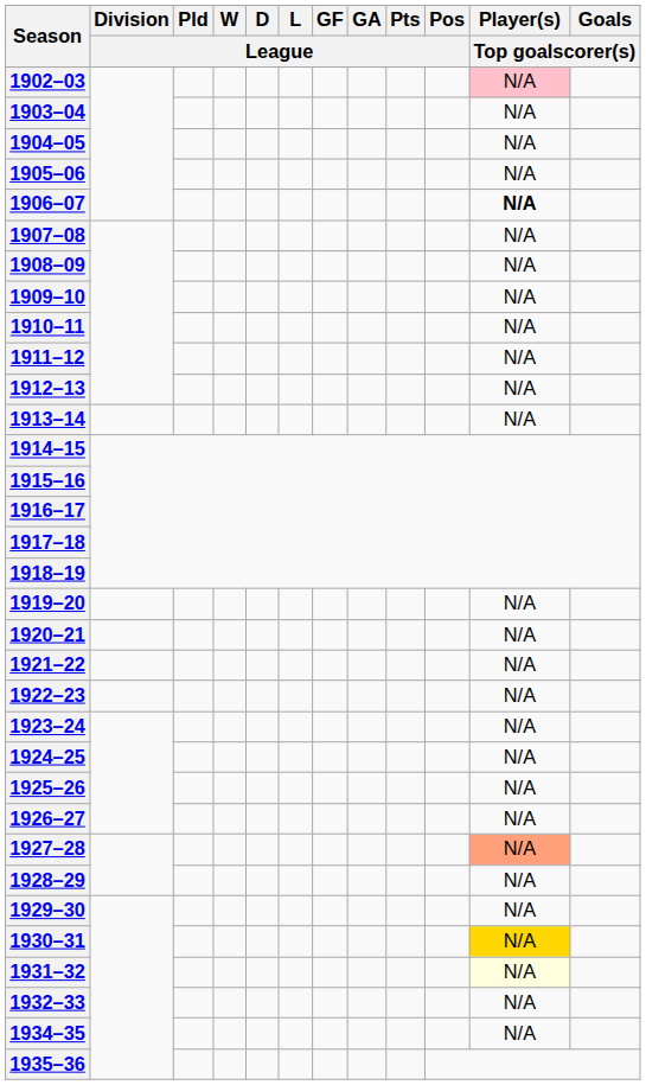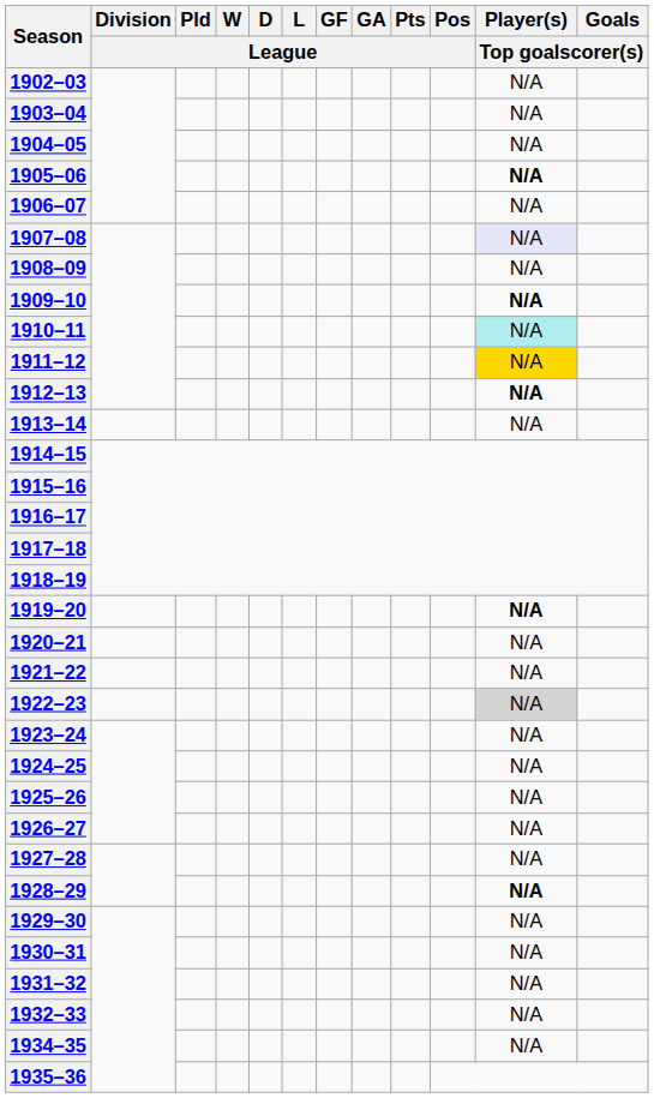 <table class="wikitable sortable" style="text-align: center">
 <tr>
 <th rowspan="2" scope="col">Season</th>
 <th scope="col">Division</th>
 <th style="width:20px;" scope="col">Pld</th>
 <th style="width:20px;" scope="col">W</th>
 <th style="width:20px;" scope="col">D</th>
 <th style="width:20px;" scope="col">L</th>
 <th style="width:20px;" scope="col">GF</th>
 <th style="width:20px;" scope="col">GA</th>
 <th style="width:20px;" scope="col">Pts</th>
 <th style="width:20px;" scope="col">Pos</th>
 <th scope="col">Player(s)</th>
 <th scope="col">Goals</th>
 </tr>
 <tr class="unsortable">
 <th colspan="9" scope="col">League</th>
 <th colspan="2" scope="col">Top goalscorer(s)</th>
 </tr>
 <tr>
 <th scope="row"><a href='#'>1902–03</a></th>
 <td style="text-align:left; " rowspan="5"></td>
 <td></td>
 <td></td>
 <td></td>
 <td></td>
 <td></td>
 <td></td>
 <td></td>
 <td></td>
-<td style="background: pink; text-align:centre">N/A</td>
+<td style="text-align:centre">N/A</td>
 <td></td>
 </tr>
 <tr>
 <th scope="row"><a href='#'>1903–04</a></th>
 <td></td>
 <td></td>
 <td></td>
 <td></td>
 <td></td>
 <td></td>
 <td></td>
 <td></td>
 <td style="text-align:centre">N/A</td>
 <td></td>
 </tr>
 <tr>
 <th scope="row"><a href='#'>1904–05</a></th>
 <td></td>
 <td></td>
 <td></td>
 <td></td>
 <td></td>
 <td></td>
 <td></td>
 <td></td>
 <td style="text-align:centre">N/A</td>
 <td></td>
 </tr>
 <tr>
 <th scope="row"><a href='#'>1905–06</a></th>
 <td></td>
 <td></td>
 <td></td>
 <td></td>
 <td></td>
 <td></td>
 <td></td>
 <td></td>
-<td style="text-align:centre">N/A</td>
+<td style="text-align:centre"><strong>N/A</strong></td>
 <td></td>
 </tr>
 <tr>
 <th scope="row"><a href='#'>1906–07</a></th>
 <td></td>
 <td></td>
 <td></td>
 <td></td>
 <td></td>
 <td></td>
 <td></td>
 <td></td>
-<td style="text-align:centre"><strong>N/A</strong></td>
+<td style="text-align:centre">N/A</td>
 <td></td>
 </tr>
 <tr>
 <th scope="row"><a href='#'>1907–08</a></th>
 <td style="text-align:left; " rowspan="6"></td>
 <td></td>
 <td></td>
 <td></td>
 <td></td>
 <td></td>
 <td></td>
 <td></td>
 <td></td>
-<td style="text-align:centre">N/A</td>
+<td style="background: lavender; text-align:centre">N/A</td>
 <td></td>
 </tr>
 <tr>
 <th scope="row"><a href='#'>1908–09</a></th>
 <td></td>
 <td></td>
 <td></td>
 <td></td>
 <td></td>
 <td></td>
 <td></td>
 <td></td>
 <td style="text-align:centre">N/A</td>
 <td></td>
 </tr>
 <tr>
 <th scope="row"><a href='#'>1909–10</a></th>
 <td></td>
 <td></td>
 <td></td>
 <td></td>
 <td></td>
 <td></td>
 <td></td>
 <td></td>
-<td style="text-align:centre">N/A</td>
+<td style="text-align:centre"><strong>N/A</strong></td>
 <td></td>
 </tr>
 <tr>
 <th scope="row"><a href='#'>1910–11</a></th>
 <td></td>
 <td></td>
 <td></td>
 <td></td>
 <td></td>
 <td></td>
 <td></td>
 <td></td>
-<td style="text-align:centre">N/A</td>
+<td style="background: paleturquoise; text-align:centre">N/A</td>
 <td></td>
 </tr>
 <tr>
 <th scope="row"><a href='#'>1911–12</a></th>
 <td></td>
 <td></td>
 <td></td>
 <td></td>
 <td></td>
 <td></td>
 <td></td>
 <td></td>
-<td style="text-align:centre">N/A</td>
+<td style="background: gold; text-align:centre">N/A</td>
 <td></td>
 </tr>
 <tr>
 <th scope="row"><a href='#'>1912–13</a></th>
 <td></td>
 <td></td>
 <td></td>
 <td></td>
 <td></td>
 <td></td>
 <td></td>
 <td></td>
-<td style="text-align:centre">N/A</td>
+<td style="text-align:centre"><strong>N/A</strong></td>
 <td></td>
 </tr>
 <tr>
 <th scope="row"><a href='#'>1913–14</a></th>
 <td style="text-align:left; " rowspan="1"></td>
 <td></td>
 <td></td>
 <td></td>
 <td></td>
 <td></td>
 <td></td>
 <td></td>
 <td></td>
 <td style="text-align:centre">N/A</td>
 <td></td>
 </tr>
 <tr>
 <th scope="row"><a href='#'>1914–15</a></th>
 <td style="text-align:center; " rowspan="5" colspan="11"><em></em></td>
 </tr>
 <tr>
 <th scope="row"><a href='#'>1915–16</a></th>
 </tr>
 <tr>
 <th scope="row"><a href='#'>1916–17</a></th>
 </tr>
 <tr>
 <th scope="row"><a href='#'>1917–18</a></th>
 </tr>
 <tr>
 <th scope="row"><a href='#'>1918–19</a></th>
 </tr>
 <tr>
 <th scope="row"><a href='#'>1919–20</a></th>
 <td style="text-align:left; " rowspan="1"></td>
 <td></td>
 <td></td>
 <td></td>
 <td></td>
 <td></td>
 <td></td>
 <td></td>
 <td></td>
-<td style="text-align:centre">N/A</td>
+<td style="text-align:centre"><strong>N/A</strong></td>
 <td></td>
 </tr>
 <tr>
 <th scope="row"><a href='#'>1920–21</a></th>
 <td style="text-align:left; " rowspan="1"></td>
 <td></td>
 <td></td>
 <td></td>
 <td></td>
 <td></td>
 <td></td>
 <td></td>
 <td></td>
 <td style="text-align:centre">N/A</td>
 <td></td>
 </tr>
 <tr>
 <th scope="row"><a href='#'>1921–22</a></th>
 <td style="text-align:left; " rowspan="1"></td>
 <td></td>
 <td></td>
 <td></td>
 <td></td>
 <td></td>
 <td></td>
 <td></td>
 <td></td>
 <td style="text-align:centre">N/A</td>
 <td></td>
 </tr>
 <tr>
 <th scope="row"><a href='#'>1922–23</a></th>
 <td style="text-align:left; " rowspan="1"></td>
 <td></td>
 <td></td>
 <td></td>
 <td></td>
 <td></td>
 <td></td>
 <td></td>
 <td></td>
-<td style="text-align:centre">N/A</td>
+<td style="background: lightgrey; text-align:centre">N/A</td>
 <td></td>
 </tr>
 <tr>
 <th scope="row"><a href='#'>1923–24</a></th>
 <td style="text-align:left; " rowspan="4"></td>
 <td></td>
 <td></td>
 <td></td>
 <td></td>
 <td></td>
 <td></td>
 <td></td>
 <td></td>
 <td style="text-align:centre">N/A</td>
 <td></td>
 </tr>
 <tr>
 <th scope="row"><a href='#'>1924–25</a></th>
 <td></td>
 <td></td>
 <td></td>
 <td></td>
 <td></td>
 <td></td>
 <td></td>
 <td></td>
 <td style="text-align:centre">N/A</td>
 <td></td>
 </tr>
 <tr>
 <th scope="row"><a href='#'>1925–26</a></th>
 <td></td>
 <td></td>
 <td></td>
 <td></td>
 <td></td>
 <td></td>
 <td></td>
 <td></td>
 <td style="text-align:centre">N/A</td>
 <td></td>
 </tr>
 <tr>
 <th scope="row"><a href='#'>1926–27</a></th>
 <td></td>
 <td></td>
 <td></td>
 <td></td>
 <td></td>
 <td></td>
 <td></td>
 <td></td>
 <td style="text-align:centre">N/A</td>
 <td></td>
 </tr>
 <tr>
 <th scope="row"><a href='#'>1927–28</a></th>
 <td style="text-align:left; " rowspan="2"></td>
 <td></td>
 <td></td>
 <td></td>
 <td></td>
 <td></td>
 <td></td>
 <td></td>
 <td></td>
-<td style="background: lightsalmon; text-align:centre">N/A</td>
+<td style="text-align:centre">N/A</td>
 <td></td>
 </tr>
 <tr>
 <th scope="row"><a href='#'>1928–29</a></th>
 <td></td>
 <td></td>
 <td></td>
 <td></td>
 <td></td>
 <td></td>
 <td></td>
 <td></td>
-<td style="text-align:centre">N/A</td>
+<td style="text-align:centre"><strong>N/A</strong></td>
 <td></td>
 </tr>
 <tr>
 <th scope="row"><a href='#'>1929–30</a></th>
 <td style="text-align:left; " rowspan="6"></td>
 <td></td>
 <td></td>
 <td></td>
 <td></td>
 <td></td>
 <td></td>
 <td></td>
 <td></td>
 <td style="text-align:centre">N/A</td>
 <td></td>
 </tr>
 <tr>
 <th scope="row"><a href='#'>1930–31</a></th>
 <td></td>
 <td></td>
 <td></td>
 <td></td>
 <td></td>
 <td></td>
 <td></td>
 <td></td>
-<td style="background: gold; text-align:centre">N/A</td>
+<td style="text-align:centre">N/A</td>
 <td></td>
 </tr>
 <tr>
 <th scope="row"><a href='#'>1931–32</a></th>
 <td></td>
 <td></td>
 <td></td>
 <td></td>
 <td></td>
 <td></td>
 <td></td>
 <td></td>
-<td style="background: lightyellow; text-align:centre">N/A</td>
+<td style="text-align:centre">N/A</td>
 <td></td>
 </tr>
 <tr>
 <th scope="row"><a href='#'>1932–33</a></th>
 <td></td>
 <td></td>
 <td></td>
 <td></td>
 <td></td>
 <td></td>
 <td></td>
 <td></td>
 <td style="text-align:centre">N/A</td>
 <td></td>
 </tr>
 <tr>
 <th scope="row"><a href='#'>1934–35</a></th>
 <td></td>
 <td></td>
 <td></td>
 <td></td>
 <td></td>
 <td></td>
 <td></td>
 <td></td>
 <td style="text-align:centre">N/A</td>
 <td></td>
 </tr>
 <tr>
 <th scope="row"><a href='#'>1935–36</a></th>
 <td></td>
 <td></td>
 <td></td>
 <td></td>
 <td></td>
 <td></td>
 <td></td>
 </tr>
 </table>
